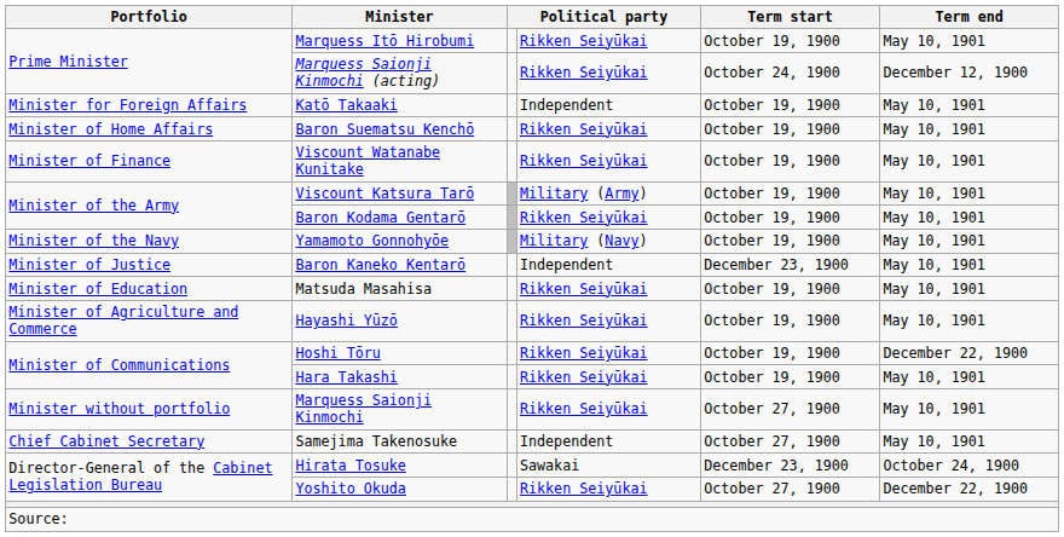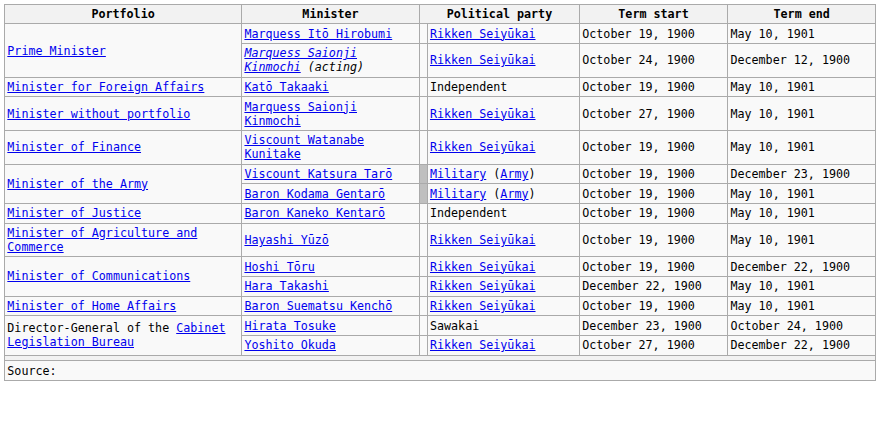 <table class="wikitable" style="font-size: 90%;">
 <tr>
 <th scope="col" width="20%">Portfolio</th>
 <th scope="col" width="15%">Minister</th>
 <th colspan="2" scope="col" width="13.5%">Political party</th>
 <th scope="col" width="12.5%">Term start</th>
 <th scope="col" width="12.5%">Term end</th>
 </tr>
 <tr>
 <td rowspan="2" style="text-align: left;"><a href='#'>Prime Minister</a></td>
 <td><a href='#'>Marquess Itō Hirobumi</a></td>
 <td style="color:inherit;background:"></td>
 <td><a href='#'>Rikken Seiyūkai</a></td>
 <td>October 19, 1900</td>
 <td>May 10, 1901</td>
 </tr>
 <tr>
 <td><em><a href='#'>Marquess Saionji Kinmochi</a> (acting)</em></td>
 <td style="color:inherit;background:"></td>
 <td><a href='#'>Rikken Seiyūkai</a></td>
 <td>October 24, 1900</td>
 <td>December 12, 1900</td>
 </tr>
 <tr>
 <td><a href='#'>Minister for Foreign Affairs</a></td>
 <td><a href='#'>Katō Takaaki</a></td>
 <td style="color:inherit;background:"></td>
 <td>Independent</td>
 <td>October 19, 1900</td>
 <td>May 10, 1901</td>
 </tr>
 <tr>
-<td><a href='#'>Minister of Home Affairs</a></td>
-<td><a href='#'>Baron Suematsu Kenchō</a></td>
+<td><a href='#'>Minister without portfolio</a></td>
+<td><a href='#'>Marquess Saionji Kinmochi</a></td>
 <td style="color:inherit;background:"></td>
 <td><a href='#'>Rikken Seiyūkai</a></td>
-<td>October 19, 1900</td>
+<td>October 27, 1900</td>
 <td>May 10, 1901</td>
 </tr>
 <tr>
 <td><a href='#'>Minister of Finance</a></td>
 <td><a href='#'>Viscount Watanabe Kunitake</a></td>
 <td style="color:inherit;background:"></td>
 <td><a href='#'>Rikken Seiyūkai</a></td>
 <td>October 19, 1900</td>
 <td>May 10, 1901</td>
 </tr>
 <tr>
 <td rowspan="2"><a href='#'>Minister of the Army</a></td>
 <td><a href='#'>Viscount Katsura Tarō</a></td>
 <td style="color:inherit;background:#bfbfbf"></td>
 <td><a href='#'>Military</a> (<a href='#'>Army</a>)</td>
 <td>October 19, 1900</td>
-<td>May 10, 1901</td>
+<td>December 23, 1900</td>
 </tr>
 <tr>
 <td><a href='#'>Baron Kodama Gentarō</a></td>
 <td style="color:inherit;background:#bfbfbf"></td>
-<td><a href='#'>Rikken Seiyūkai</a></td>
-<td>October 19, 1900</td>
-<td>May 10, 1901</td>
-</tr>
-<tr>
-<td><a href='#'>Minister of the Navy</a></td>
-<td><a href='#'>Yamamoto Gonnohyōe</a></td>
-<td style="color:inherit;background:#bfbfbf"></td>
-<td><a href='#'>Military</a> (<a href='#'>Navy</a>)</td>
+<td><a href='#'>Military</a> (<a href='#'>Army</a>)</td>
 <td>October 19, 1900</td>
 <td>May 10, 1901</td>
 </tr>
 <tr>
 <td><a href='#'>Minister of Justice</a></td>
 <td><a href='#'>Baron Kaneko Kentarō</a></td>
 <td style="color:inherit;background:"></td>
 <td>Independent</td>
-<td>December 23, 1900</td>
-<td>May 10, 1901</td>
-</tr>
-<tr>
-<td><a href='#'>Minister of Education</a></td>
-<td>Matsuda Masahisa</td>
-<td style="color:inherit;background:"></td>
-<td><a href='#'>Rikken Seiyūkai</a></td>
 <td>October 19, 1900</td>
 <td>May 10, 1901</td>
 </tr>
 <tr>
 <td><a href='#'>Minister of Agriculture and Commerce</a></td>
 <td><a href='#'>Hayashi Yūzō</a></td>
 <td style="color:inherit;background:"></td>
 <td><a href='#'>Rikken Seiyūkai</a></td>
 <td>October 19, 1900</td>
 <td>May 10, 1901</td>
 </tr>
 <tr>
 <td rowspan="2"><a href='#'>Minister of Communications</a></td>
 <td><a href='#'>Hoshi Tōru</a></td>
 <td style="color:inherit;background:"></td>
 <td><a href='#'>Rikken Seiyūkai</a></td>
 <td>October 19, 1900</td>
 <td>December 22, 1900</td>
 </tr>
 <tr>
 <td><a href='#'>Hara Takashi</a></td>
 <td style="color:inherit;background:"></td>
 <td><a href='#'>Rikken Seiyūkai</a></td>
-<td>October 19, 1900</td>
+<td>December 22, 1900</td>
 <td>May 10, 1901</td>
 </tr>
 <tr>
-<td><a href='#'>Minister without portfolio</a></td>
-<td><a href='#'>Marquess Saionji Kinmochi</a></td>
+<td><a href='#'>Minister of Home Affairs</a></td>
+<td><a href='#'>Baron Suematsu Kenchō</a></td>
 <td style="color:inherit;background:"></td>
 <td><a href='#'>Rikken Seiyūkai</a></td>
-<td>October 27, 1900</td>
-<td>May 10, 1901</td>
-</tr>
-<tr>
-<td><a href='#'>Chief Cabinet Secretary</a></td>
-<td>Samejima Takenosuke</td>
-<td style="color:inherit;background:"></td>
-<td>Independent</td>
-<td>October 27, 1900</td>
+<td>October 19, 1900</td>
 <td>May 10, 1901</td>
 </tr>
 <tr>
 <td rowspan="2">Director-General of the <a href='#'>Cabinet Legislation Bureau</a></td>
 <td><a href='#'>Hirata Tosuke</a></td>
 <td></td>
 <td>Sawakai</td>
 <td>December 23, 1900</td>
 <td>October 24, 1900</td>
 </tr>
 <tr>
 <td><a href='#'>Yoshito Okuda</a></td>
 <td style="color:inherit;background:"></td>
 <td><a href='#'>Rikken Seiyūkai</a></td>
 <td>October 27, 1900</td>
 <td>December 22, 1900</td>
 </tr>
 <tr>
 <th colspan="6"></th>
 </tr>
 <tr>
 <td colspan="6">Source:</td>
 </tr>
 </table>
